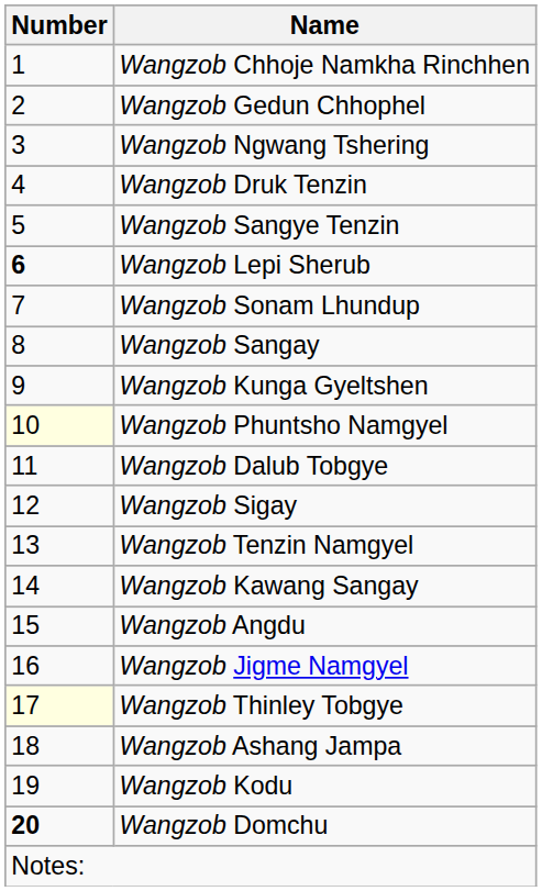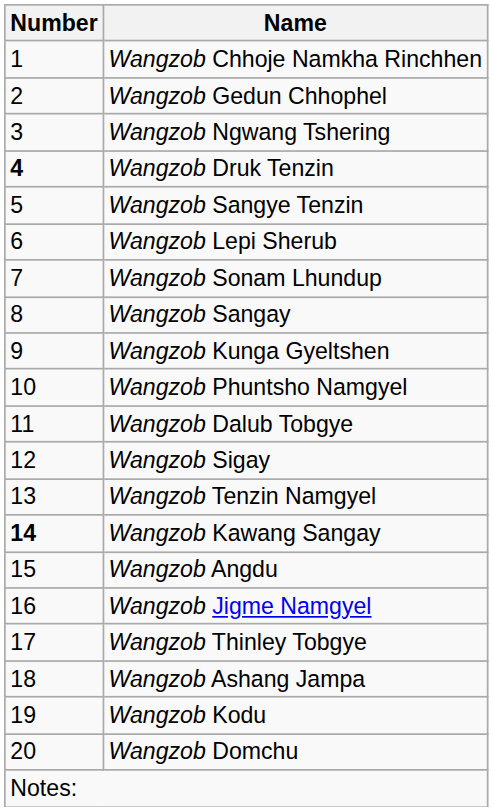 <table class=wikitable style="font-size: 85%;">
 <tr>
 <th>Number</th>
 <th>Name</th>
 </tr>
 <tr>
 <td>1</td>
 <td><em>Wangzob</em> Chhoje Namkha Rinchhen</td>
 </tr>
 <tr>
 <td>2</td>
 <td><em>Wangzob</em> Gedun Chhophel</td>
 </tr>
 <tr>
 <td>3</td>
 <td><em>Wangzob</em> Ngwang Tshering</td>
 </tr>
 <tr>
-<td>4</td>
+<td><strong>4</strong></td>
 <td><em>Wangzob</em> Druk Tenzin</td>
 </tr>
 <tr>
 <td>5</td>
 <td><em>Wangzob</em> Sangye Tenzin</td>
 </tr>
 <tr>
-<td><strong>6</strong></td>
+<td>6</td>
 <td><em>Wangzob</em> Lepi Sherub</td>
 </tr>
 <tr>
 <td>7</td>
 <td><em>Wangzob</em> Sonam Lhundup</td>
 </tr>
 <tr>
 <td>8</td>
 <td><em>Wangzob</em> Sangay</td>
 </tr>
 <tr>
 <td>9</td>
 <td><em>Wangzob</em> Kunga Gyeltshen</td>
 </tr>
 <tr>
-<td style="background: lightyellow;">10</td>
+<td>10</td>
 <td><em>Wangzob</em> Phuntsho Namgyel</td>
 </tr>
 <tr>
 <td>11</td>
 <td><em>Wangzob</em> Dalub Tobgye</td>
 </tr>
 <tr>
 <td>12</td>
 <td><em>Wangzob</em> Sigay</td>
 </tr>
 <tr>
 <td>13</td>
 <td><em>Wangzob</em> Tenzin Namgyel</td>
 </tr>
 <tr>
-<td>14</td>
+<td><strong>14</strong></td>
 <td><em>Wangzob</em> Kawang Sangay</td>
 </tr>
 <tr>
 <td>15</td>
 <td><em>Wangzob</em> Angdu</td>
 </tr>
 <tr>
 <td>16</td>
 <td><em>Wangzob</em> <a href='#'>Jigme Namgyel</a></td>
 </tr>
 <tr>
-<td style="background: lightyellow;">17</td>
+<td>17</td>
 <td><em>Wangzob</em> Thinley Tobgye</td>
 </tr>
 <tr>
 <td>18</td>
 <td><em>Wangzob</em> Ashang Jampa</td>
 </tr>
 <tr>
 <td>19</td>
 <td><em>Wangzob</em> Kodu</td>
 </tr>
 <tr>
-<td><strong>20</strong></td>
+<td>20</td>
 <td><em>Wangzob</em> Domchu</td>
 </tr>
 <tr>
 <td colspan=2>Notes:<br></td>
 </tr>
 </table>
